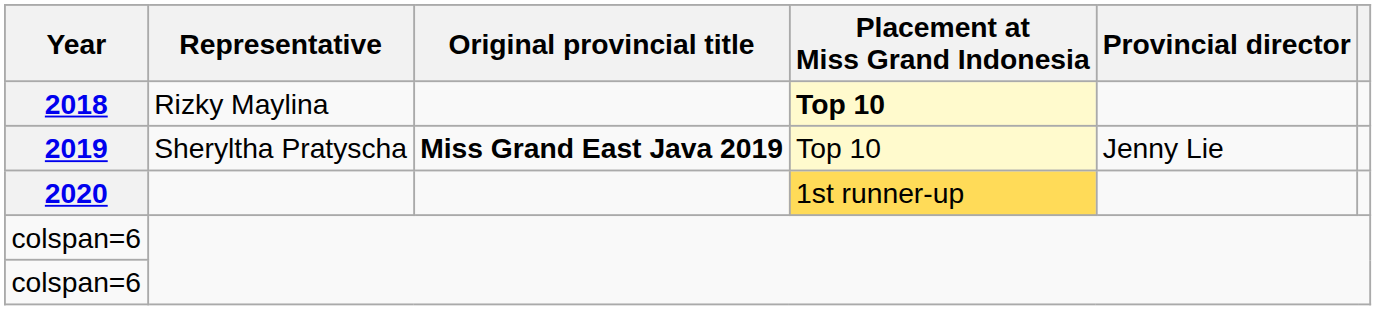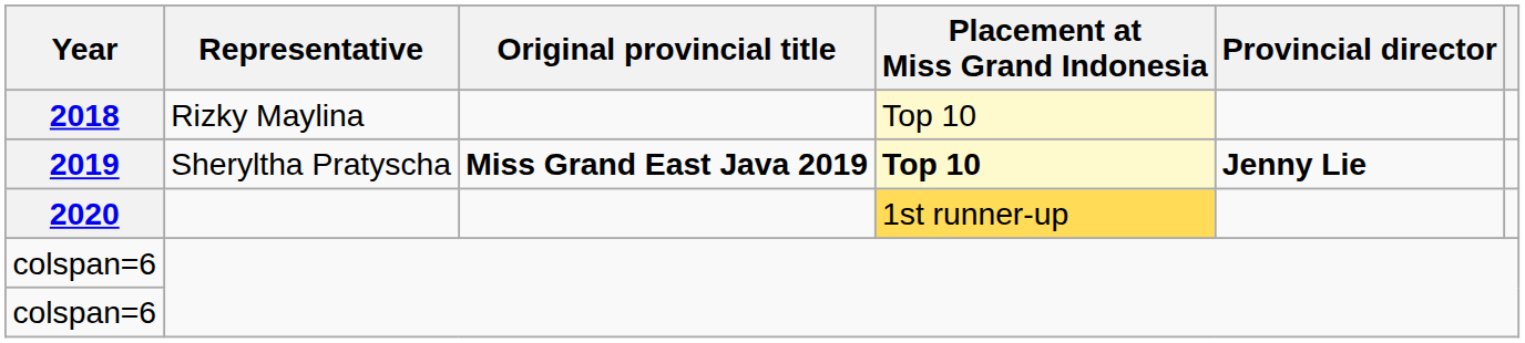 <table class="wikitable defaultcenter col2left col5left" style="font-size:95%;">
 <tr>
 <th>Year</th>
 <th>Representative</th>
 <th>Original provincial title</th>
 <th>Placement at<br>Miss Grand Indonesia</th>
 <th>Provincial director</th>
 <th></th>
 </tr>
 <tr>
 <th><a href='#'>2018</a></th>
 <td>Rizky Maylina</td>
 <td></td>
-<td bgcolor=#FFFACD><strong>Top 10</strong></td>
+<td bgcolor=#FFFACD>Top 10</td>
 <td></td>
 <td></td>
 </tr>
 <tr>
 <th><a href='#'>2019</a></th>
 <td>Sheryltha Pratyscha</td>
 <td><strong>Miss Grand East Java 2019</strong></td>
-<td bgcolor=#FFFACD>Top 10</td>
-<td>Jenny Lie</td>
+<td bgcolor=#FFFACD><strong>Top 10</strong></td>
+<td><strong>Jenny Lie</strong></td>
 <td></td>
 </tr>
 <tr>
 <th><a href='#'>2020</a></th>
 <td></td>
 <td></td>
 <td bgcolor=#FFDB58>1st runner-up</td>
 <td></td>
 <td></td>
 </tr>
 <tr>
 <td>colspan=6 </td>
 </tr>
 <tr>
 <td>colspan=6 </td>
 </tr>
 </table>
